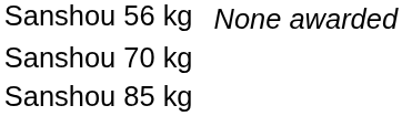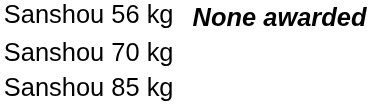 <table>
 <tr>
 <td rowspan=2>Sanshou 56 kg</td>
 <td rowspan=2></td>
 <td rowspan=2></td>
 <td></td>
 </tr>
 <tr>
-<td><em>None awarded</em></td>
+<td><strong><em>None awarded</em></strong></td>
 </tr>
 <tr>
 <td rowspan=2>Sanshou 70 kg</td>
 <td rowspan=2></td>
 <td rowspan=2></td>
 <td></td>
 </tr>
 <tr>
 <td></td>
 </tr>
 <tr>
 <td rowspan=2>Sanshou 85 kg</td>
 <td rowspan=2></td>
 <td rowspan=2></td>
 <td></td>
 </tr>
 <tr>
 <td></td>
 </tr>
 </table>
